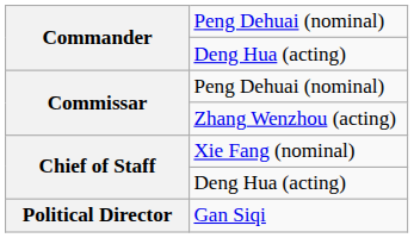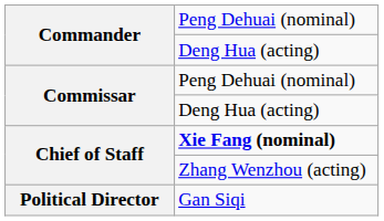 <table class="wikitable" style="width: 25%">
 <tr>
 <th rowspan="2" width=10%; align= center>Commander</th>
 <td width=20%><a href='#'>Peng Dehuai</a> (nominal)</td>
 </tr>
 <tr>
 <td><a href='#'>Deng Hua</a> (acting)</td>
 </tr>
 <tr>
 <th rowspan="2" width=10%; align= center>Commissar</th>
 <td width=20%>Peng Dehuai (nominal)</td>
 </tr>
 <tr>
-<td><a href='#'>Zhang Wenzhou</a> (acting)</td>
+<td>Deng Hua (acting)</td>
 </tr>
 <tr>
 <th rowspan="2" width=10%; align= center>Chief of Staff</th>
-<td><a href='#'>Xie Fang</a> (nominal)</td>
+<td><strong><a href='#'>Xie Fang</a> (nominal)</strong></td>
 </tr>
 <tr>
-<td>Deng Hua (acting)</td>
+<td><a href='#'>Zhang Wenzhou</a> (acting)</td>
 </tr>
 <tr>
 <th width=10%; align= center>Political Director</th>
 <td><a href='#'>Gan Siqi</a></td>
 </tr>
 </table>
